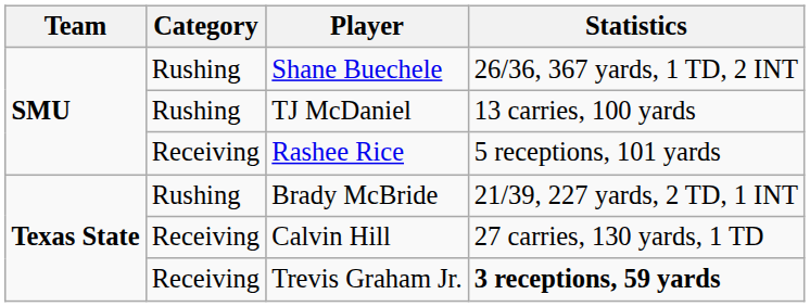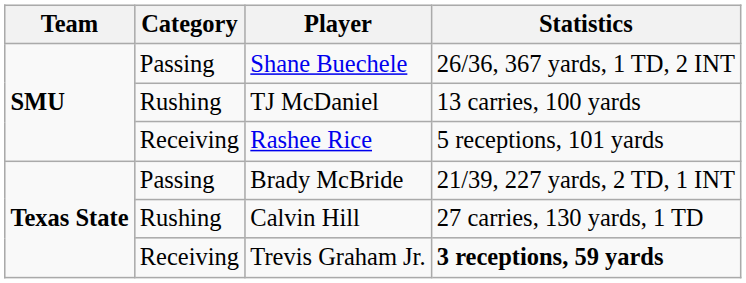 <table class="wikitable" style="float: left;">
 <tr>
 <th>Team</th>
 <th>Category</th>
 <th>Player</th>
 <th>Statistics</th>
 </tr>
 <tr>
 <td rowspan=3><strong>SMU</strong></td>
-<td>Rushing</td>
+<td>Passing</td>
 <td><a href='#'>Shane Buechele</a></td>
 <td>26/36, 367 yards, 1 TD, 2 INT</td>
 </tr>
 <tr>
 <td>Rushing</td>
 <td>TJ McDaniel</td>
 <td>13 carries, 100 yards</td>
 </tr>
 <tr>
 <td>Receiving</td>
 <td><a href='#'>Rashee Rice</a></td>
 <td>5 receptions, 101 yards</td>
 </tr>
 <tr>
 <td rowspan=3><strong>Texas State</strong></td>
-<td>Rushing</td>
+<td>Passing</td>
 <td>Brady McBride</td>
 <td>21/39, 227 yards, 2 TD, 1 INT</td>
 </tr>
 <tr>
-<td>Receiving</td>
+<td>Rushing</td>
 <td>Calvin Hill</td>
 <td>27 carries, 130 yards, 1 TD</td>
 </tr>
 <tr>
 <td>Receiving</td>
 <td>Trevis Graham Jr.</td>
 <td><strong>3 receptions, 59 yards</strong></td>
 </tr>
 </table>
